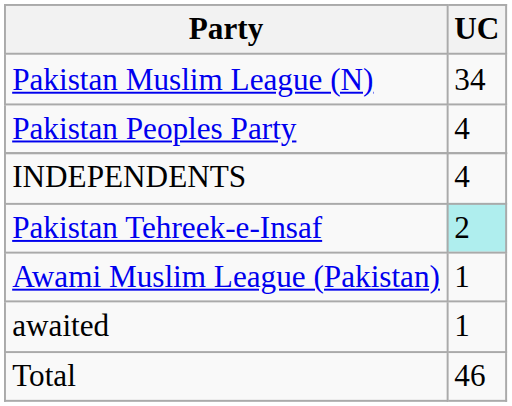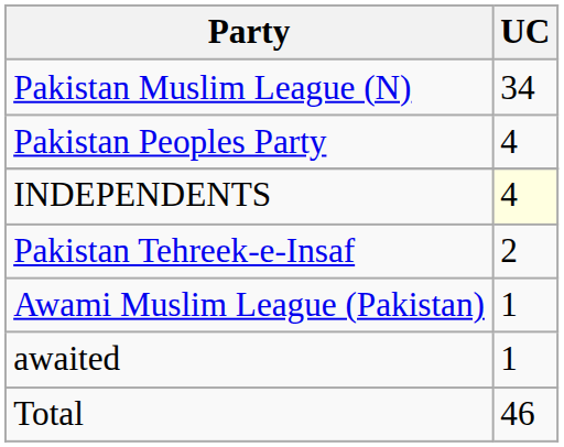 <table class="wikitable">
 <tr>
 <th>Party</th>
 <th>UC</th>
 </tr>
 <tr>
 <td> <a href='#'>Pakistan Muslim League (N)</a></td>
 <td>34</td>
 </tr>
 <tr>
 <td> <a href='#'>Pakistan Peoples Party</a></td>
 <td>4</td>
 </tr>
 <tr>
 </tr>
 <tr>
 <td>INDEPENDENTS</td>
-<td>4</td>
+<td style="background: lightyellow;">4</td>
 </tr>
 <tr>
 <td> <a href='#'>Pakistan Tehreek-e-Insaf</a></td>
-<td style="background: paleturquoise;">2</td>
+<td>2</td>
 </tr>
 <tr>
 <td> <a href='#'>Awami Muslim League (Pakistan)</a></td>
 <td>1</td>
 </tr>
 <tr>
 <td>awaited</td>
 <td>1</td>
 </tr>
 <tr>
 <td>Total</td>
 <td>46</td>
 </tr>
 </table>
